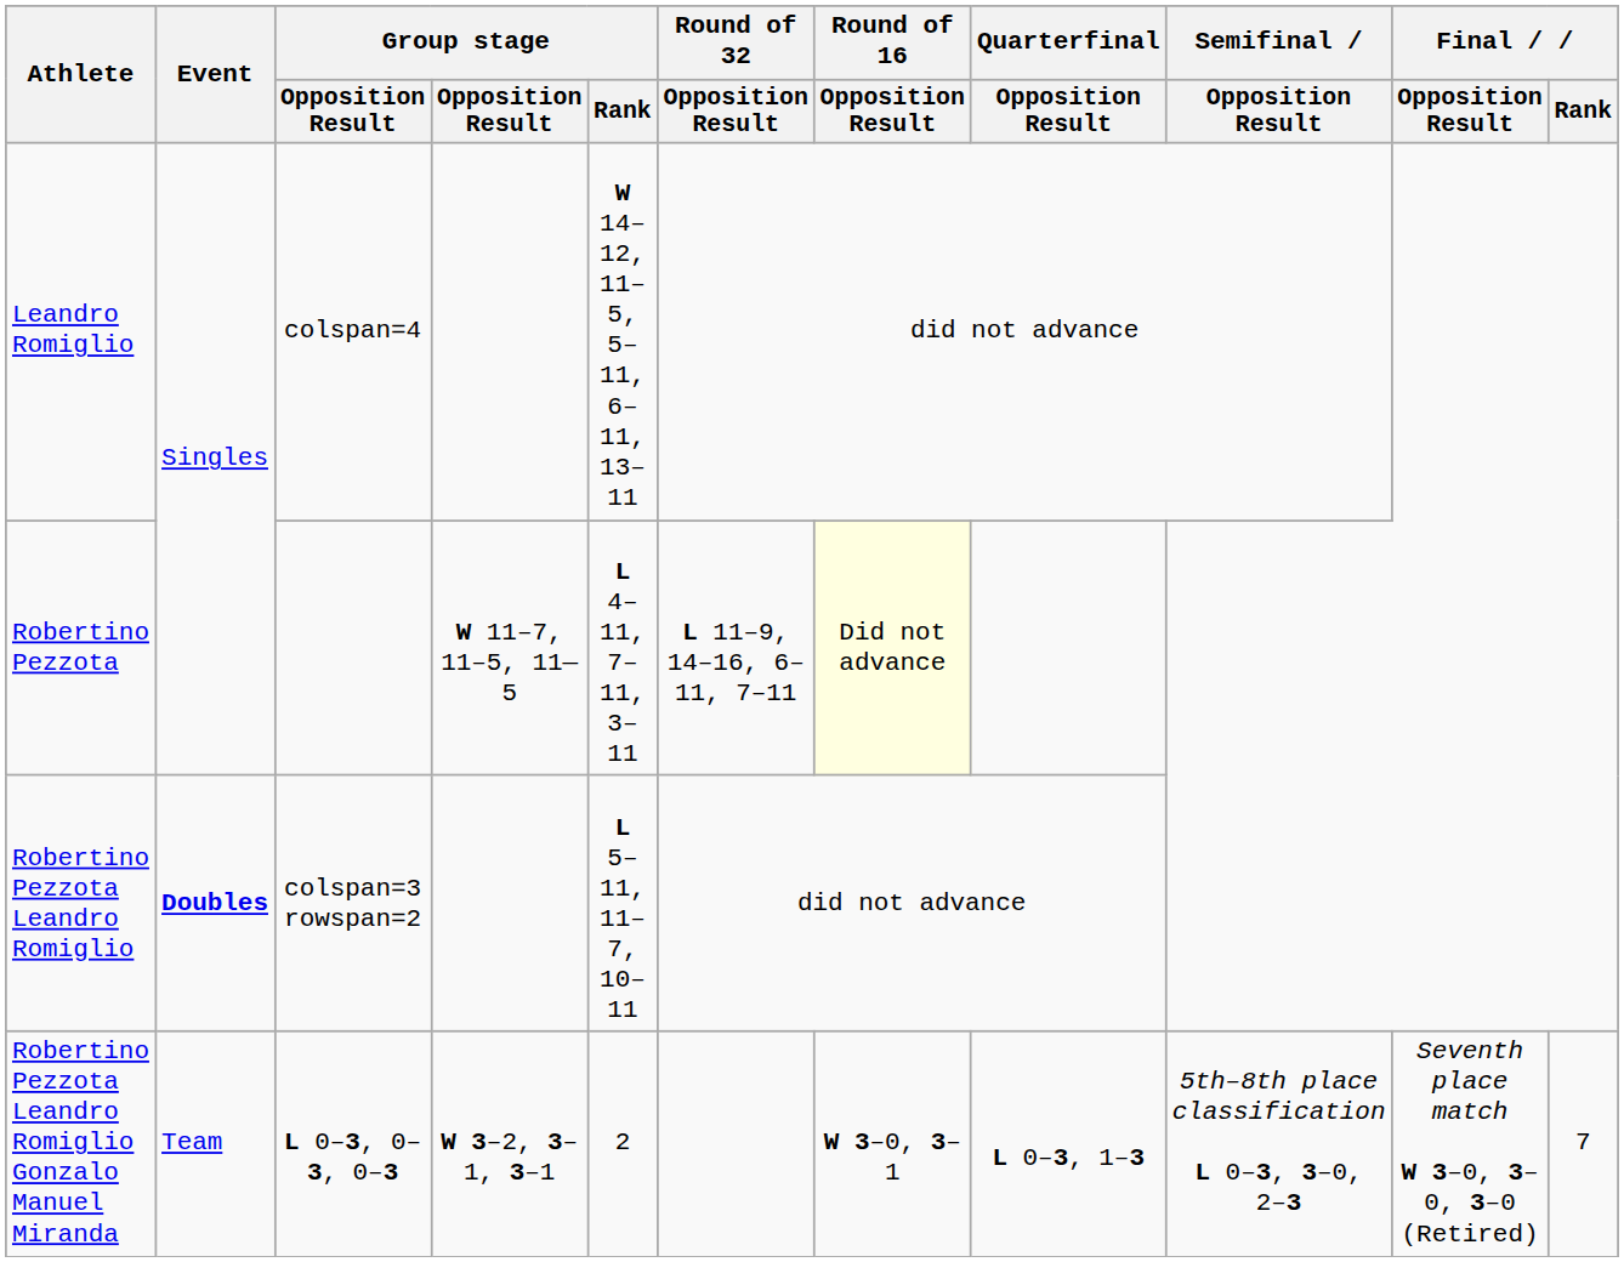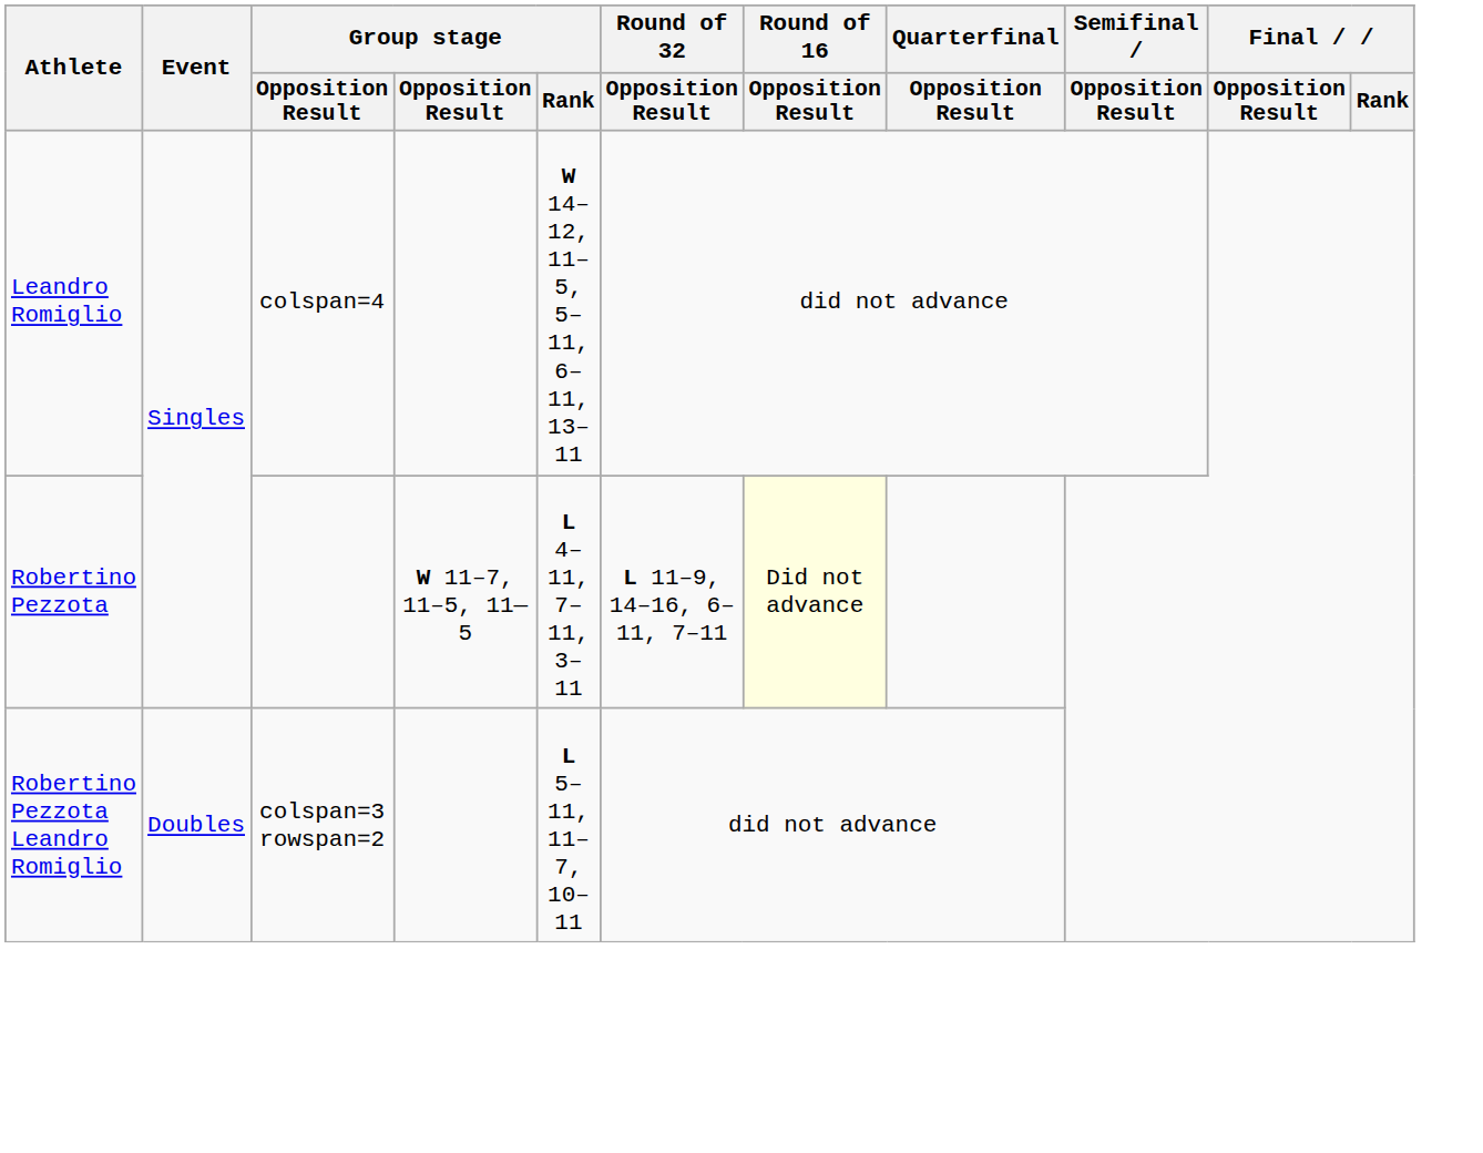 <table class="wikitable" style="font-size:90%;text-align:center">
 <tr>
 <th rowspan=2>Athlete</th>
 <th rowspan=2>Event</th>
 <th colspan=3>Group stage</th>
 <th>Round of 32</th>
 <th>Round of 16</th>
 <th>Quarterfinal</th>
 <th>Semifinal / </th>
 <th colspan=2>Final /  / </th>
 </tr>
 <tr style=font-size:95%>
 <th>Opposition<br>Result</th>
 <th>Opposition<br>Result</th>
 <th>Rank</th>
 <th>Opposition<br>Result</th>
 <th>Opposition<br>Result</th>
 <th>Opposition<br>Result</th>
 <th>Opposition<br>Result</th>
 <th>Opposition<br>Result</th>
 <th>Rank</th>
 </tr>
 <tr>
 <td style="text-align:left"><a href='#'>Leandro Romiglio</a></td>
 <td style="text-align:left" rowspan=2><a href='#'>Singles</a></td>
 <td>colspan=4 </td>
 <td></td>
 <td><br><strong>W</strong> 14–12, 11–5, 5–11, 6–11, 13–11</td>
 <td colspan=4>did not advance</td>
 </tr>
 <tr>
 <td style="text-align:left"><a href='#'>Robertino Pezzota</a></td>
 <td></td>
 <td><br><strong>W</strong> 11–7, 11–5, 11—5</td>
 <td><br><strong>L</strong> 4–11, 7–11, 3–11</td>
 <td><br><strong>L</strong> 11–9, 14–16, 6–11, 7–11</td>
 <td style="background: lightyellow;">Did not advance</td>
 <td></td>
 </tr>
 <tr>
 <td style="text-align:left"><a href='#'>Robertino Pezzota</a><br><a href='#'>Leandro Romiglio</a></td>
-<td style="text-align:left"><strong><a href='#'>Doubles</a></strong></td>
+<td style="text-align:left"><a href='#'>Doubles</a></td>
 <td>colspan=3 rowspan=2 </td>
 <td></td>
 <td><br><strong>L</strong> 5–11, 11–7, 10–11</td>
 <td colspan=3>did not advance</td>
 </tr>
-<tr>
-<td style="text-align:left"><a href='#'>Robertino Pezzota</a><br><a href='#'>Leandro Romiglio</a><br><a href='#'>Gonzalo Manuel Miranda</a></td>
-<td style="text-align:left"><a href='#'>Team</a></td>
-<td><br><strong>L</strong> 0–<strong>3</strong>, 0–<strong>3</strong>, 0–<strong>3</strong></td>
-<td><br><strong>W</strong> <strong>3</strong>–2, <strong>3</strong>–1, <strong>3</strong>–1</td>
-<td>2</td>
-<td></td>
-<td><br><strong>W</strong> <strong>3</strong>–0, <strong>3</strong>–1</td>
-<td><br><strong>L</strong> 0–<strong>3</strong>, 1–<strong>3</strong></td>
-<td><em>5th–8th place classification</em><br><br><strong>L</strong> 0–<strong>3</strong>, <strong>3</strong>–0, 2–<strong>3</strong></td>
-<td><em>Seventh place match</em><br><br><strong>W</strong> <strong>3</strong>–0, <strong>3</strong>–0, <strong>3</strong>–0<br>(Retired)</td>
-<td>7</td>
-</tr>
 </table>
